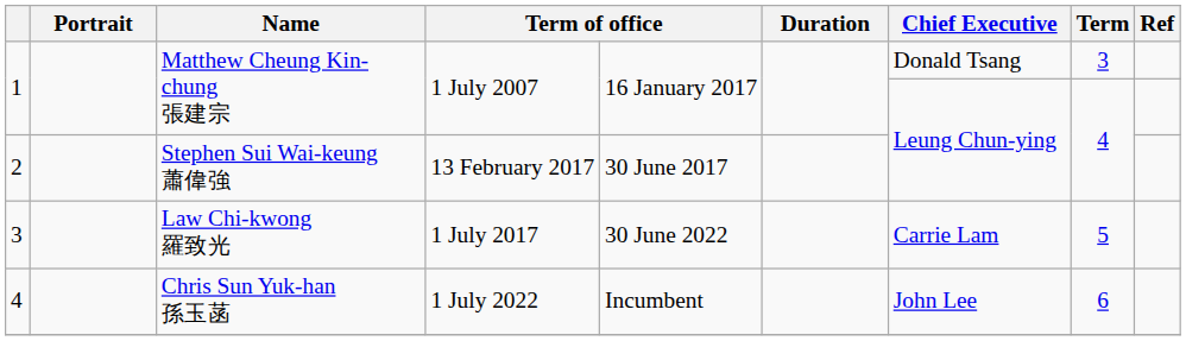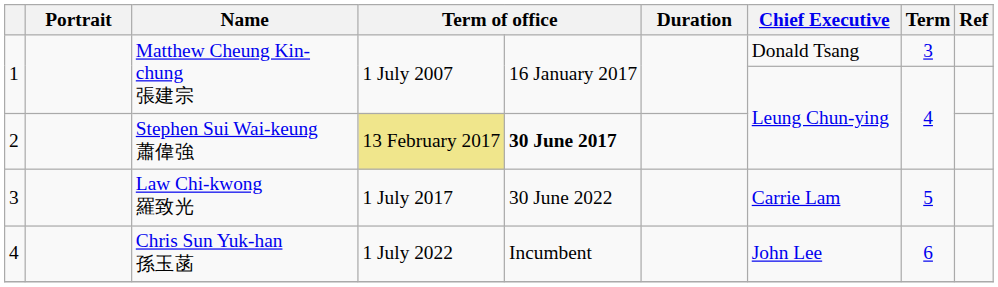 <table class="wikitable"  style="text-align:left">
 <tr>
 <th width=10px></th>
 <th width=80px>Portrait</th>
 <th width=180px>Name</th>
 <th width=180px colspan=2>Term of office</th>
 <th width=80px>Duration</th>
 <th width=120px><a href='#'>Chief Executive</a></th>
 <th>Term</th>
 <th>Ref</th>
 </tr>
 <tr>
 <td rowspan=2 bgcolor=>1</td>
 <td rowspan=2></td>
 <td rowspan=2><a href='#'>Matthew Cheung Kin-chung</a><br>張建宗</td>
 <td rowspan=2>1 July 2007</td>
 <td rowspan=2>16 January 2017</td>
 <td rowspan=2></td>
 <td>Donald Tsang<br></td>
 <td align="center"><a href='#'>3</a></td>
 <td></td>
 </tr>
 <tr>
 <td rowspan=2><a href='#'>Leung Chun-ying</a><br></td>
 <td rowspan=2 align=center><a href='#'>4</a></td>
 <td></td>
 </tr>
 <tr>
 <td bgcolor=>2</td>
 <td></td>
 <td><a href='#'>Stephen Sui Wai-keung</a><br>蕭偉強</td>
-<td>13 February 2017</td>
-<td>30 June 2017</td>
+<td style="background: khaki;">13 February 2017</td>
+<td><strong>30 June 2017</strong></td>
 <td></td>
 <td></td>
 </tr>
 <tr>
 <td bgcolor=>3</td>
 <td></td>
 <td><a href='#'>Law Chi-kwong</a><br>羅致光</td>
 <td>1 July 2017</td>
 <td>30 June 2022</td>
 <td></td>
 <td><a href='#'>Carrie Lam</a><br></td>
 <td align=center><a href='#'>5</a></td>
 <td></td>
 </tr>
 <tr>
 <td bgcolor=>4</td>
 <td></td>
 <td><a href='#'>Chris Sun Yuk-han</a><br>孫玉菡</td>
 <td>1 July 2022</td>
 <td>Incumbent</td>
 <td></td>
 <td><a href='#'>John Lee</a><br></td>
 <td align=center><a href='#'>6</a></td>
 <td></td>
 </tr>
 <tr>
 </tr>
 </table>
